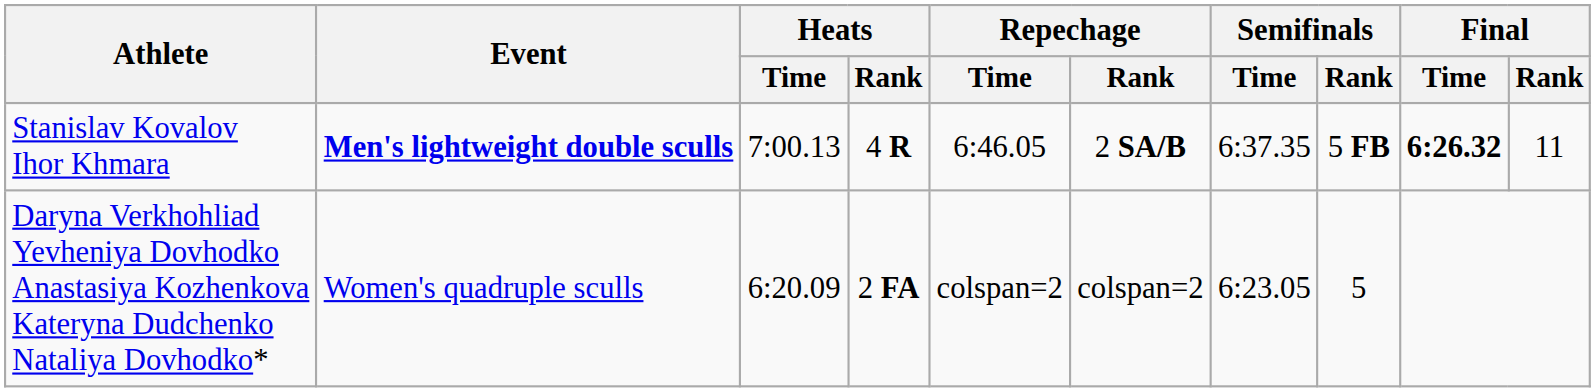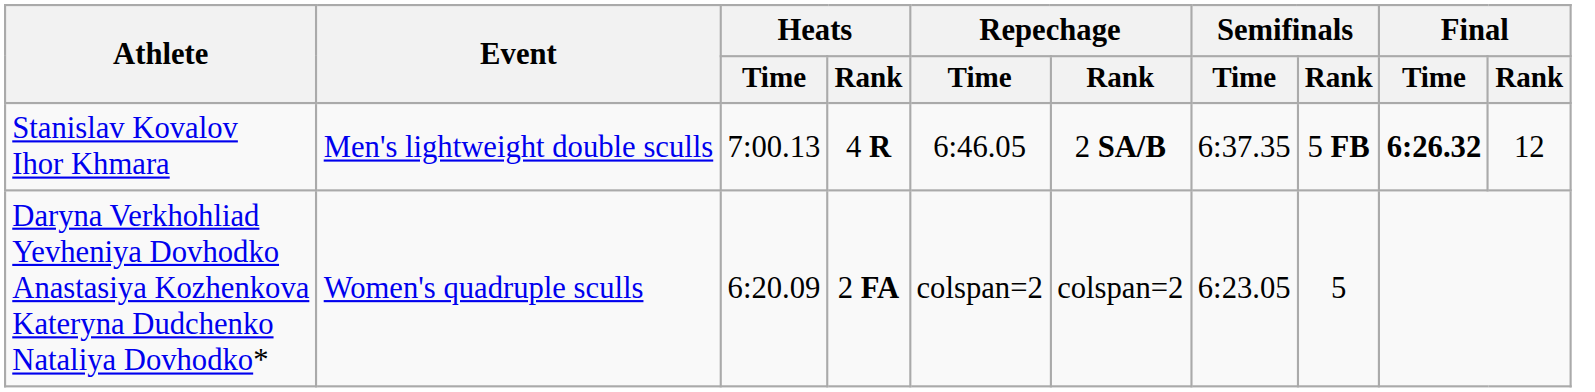 <table class=wikitable style=font-size:90%;text-align:center>
 <tr>
 <th rowspan=2>Athlete</th>
 <th rowspan=2>Event</th>
 <th colspan=2>Heats</th>
 <th colspan=2>Repechage</th>
 <th colspan=2>Semifinals</th>
 <th colspan=2>Final</th>
 </tr>
 <tr style=font-size:95%>
 <th>Time</th>
 <th>Rank</th>
 <th>Time</th>
 <th>Rank</th>
 <th>Time</th>
 <th>Rank</th>
 <th>Time</th>
 <th>Rank</th>
 </tr>
 <tr>
 <td align=left><a href='#'>Stanislav Kovalov</a><br><a href='#'>Ihor Khmara</a></td>
-<td align=left><strong><a href='#'>Men's lightweight double sculls</a></strong></td>
+<td align=left><a href='#'>Men's lightweight double sculls</a></td>
 <td>7:00.13</td>
 <td>4 <strong>R</strong></td>
 <td>6:46.05</td>
 <td>2 <strong>SA/B</strong></td>
 <td>6:37.35</td>
 <td>5 <strong>FB</strong></td>
 <td><strong>6:26.32</strong></td>
-<td>11</td>
+<td>12</td>
 </tr>
 <tr>
 <td align=left><a href='#'>Daryna Verkhohliad</a><br><a href='#'>Yevheniya Dovhodko</a><br><a href='#'>Anastasiya Kozhenkova</a><br><a href='#'>Kateryna Dudchenko</a><br><a href='#'>Nataliya Dovhodko</a>*</td>
 <td align=left><a href='#'>Women's quadruple sculls</a></td>
 <td>6:20.09</td>
 <td>2 <strong>FA</strong></td>
 <td>colspan=2 </td>
 <td>colspan=2 </td>
 <td>6:23.05</td>
 <td>5</td>
 </tr>
 </table>
